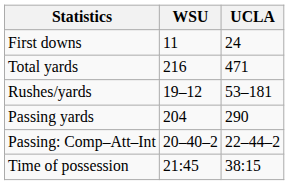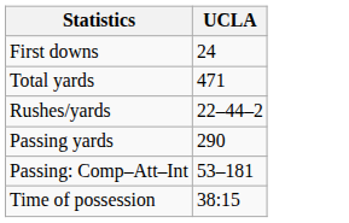 <table class="wikitable" style="float: left;">
 <tr>
 <th>Statistics</th>
-<th>WSU</th>
 <th>UCLA</th>
 </tr>
 <tr>
 <td>First downs</td>
-<td>11</td>
 <td>24</td>
 </tr>
 <tr>
 <td>Total yards</td>
-<td>216</td>
 <td>471</td>
 </tr>
 <tr>
 <td>Rushes/yards</td>
-<td>19–12</td>
-<td>53–181</td>
+<td>22–44–2</td>
 </tr>
 <tr>
 <td>Passing yards</td>
-<td>204</td>
 <td>290</td>
 </tr>
 <tr>
 <td>Passing: Comp–Att–Int</td>
-<td>20–40–2</td>
-<td>22–44–2</td>
+<td>53–181</td>
 </tr>
 <tr>
 <td>Time of possession</td>
-<td>21:45</td>
 <td>38:15</td>
 </tr>
 </table>
